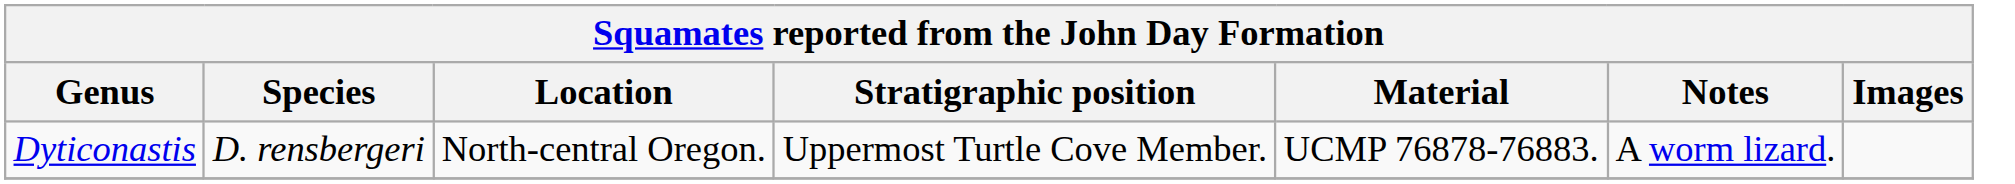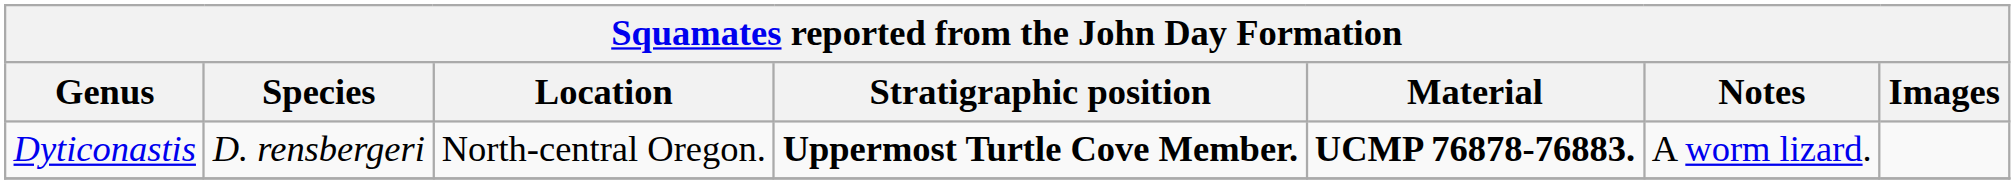 <table class="wikitable" align="center">
 <tr>
 <th colspan="7" align="center"><strong><a href='#'>Squamates</a> reported from the John Day Formation</strong></th>
 </tr>
 <tr>
 <th>Genus</th>
 <th>Species</th>
 <th>Location</th>
 <th><strong>Stratigraphic position</strong></th>
 <th><strong>Material</strong></th>
 <th>Notes</th>
 <th>Images</th>
 </tr>
 <tr>
 <td><em><a href='#'>Dyticonastis</a></em></td>
 <td><em>D. rensbergeri</em></td>
 <td>North-central Oregon.</td>
-<td>Uppermost Turtle Cove Member.</td>
-<td>UCMP 76878-76883.</td>
+<td><strong>Uppermost Turtle Cove Member.</strong></td>
+<td><strong>UCMP 76878-76883.</strong></td>
 <td>A <a href='#'>worm lizard</a>.</td>
 <td></td>
 </tr>
 <tr>
 </tr>
 </table>
